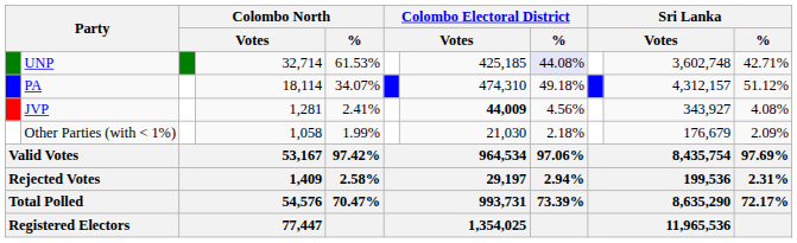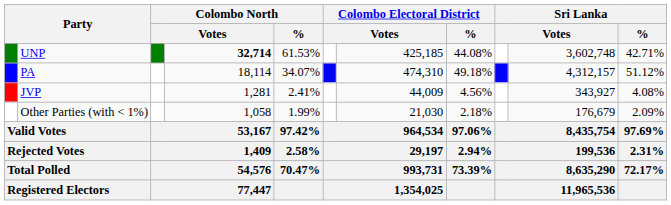 <table class="wikitable">
 <tr>
 <th colspan="2" width="144px"rowspan="2">Party</th>
 <th colspan="3" width="216px">Colombo North</th>
 <th colspan="3" width="216px"><a href='#'>Colombo Electoral District</a></th>
 <th colspan="3" width="216px">Sri Lanka</th>
 </tr>
 <tr>
 <th colspan="2" width="144px">Votes</th>
 <th>%</th>
 <th colspan="2" width="144px">Votes</th>
 <th>%</th>
 <th colspan="2" width="144px">Votes</th>
 <th>%</th>
 </tr>
 <tr>
 <td style="background-color:green;" width="10px"></td>
 <td style="text-align:left;"><a href='#'>UNP</a></td>
 <td style="background-color:green;" width="10px"></td>
-<td style="text-align:right;">32,714</td>
+<td style="text-align:right;"><strong>32,714</strong></td>
 <td style="text-align:right;">61.53%</td>
 <td style="background-color:white;" width="10px"></td>
 <td style="text-align:right;">425,185</td>
-<td style="background: lavender; text-align:right;">44.08%</td>
+<td style="text-align:right;">44.08%</td>
 <td style="background-color:white;" width="10px"></td>
 <td style="text-align:right;">3,602,748</td>
 <td style="text-align:right;">42.71%</td>
 </tr>
 <tr>
 <td style="background-color:blue;" width="10px"></td>
 <td style="text-align:left;"><a href='#'>PA</a></td>
 <td style="background-color:white;" width="10px"></td>
 <td style="text-align:right;">18,114</td>
 <td style="text-align:right;">34.07%</td>
 <td style="background-color:blue;" width="10px"></td>
 <td style="text-align:right;">474,310</td>
 <td style="text-align:right;">49.18%</td>
 <td style="background-color:blue;" width="10px"></td>
 <td style="text-align:right;">4,312,157</td>
 <td style="text-align:right;">51.12%</td>
 </tr>
 <tr>
 <td style="background-color:red;" width="10px"></td>
 <td style="text-align:left;"><a href='#'>JVP</a></td>
 <td style="background-color:white;" width="10px"></td>
 <td style="text-align:right;">1,281</td>
 <td style="text-align:right;">2.41%</td>
 <td style="background-color:white;" width="10px"></td>
-<td style="text-align:right;"><strong>44,009</strong></td>
+<td style="text-align:right;">44,009</td>
 <td style="text-align:right;">4.56%</td>
 <td style="background-color:white;" width="10px"></td>
 <td style="text-align:right;">343,927</td>
 <td style="text-align:right;">4.08%</td>
 </tr>
 <tr>
 <td style="background-color:white;" width="10px"></td>
 <td style="text-align:left;">Other Parties (with < 1%)</td>
 <td style="background-color:white;" width="10px"></td>
 <td style="text-align:right;">1,058</td>
 <td style="text-align:right;">1.99%</td>
 <td style="background-color:white;" width="10px"></td>
 <td style="text-align:right;">21,030</td>
 <td style="text-align:right;">2.18%</td>
 <td style="background-color:white;" width="10px"></td>
 <td style="text-align:right;">176,679</td>
 <td style="text-align:right;">2.09%</td>
 </tr>
 <tr>
 <th colspan="2" width="144px"style="text-align:left;">Valid Votes</th>
 <th style="text-align:right;"colspan="2" width="144px">53,167</th>
 <th style="text-align:right;">97.42%</th>
 <th style="text-align:right;"colspan="2" width="144px">964,534</th>
 <th style="text-align:right;">97.06%</th>
 <th style="text-align:right;"colspan="2" width="144px">8,435,754</th>
 <th style="text-align:right;">97.69%</th>
 </tr>
 <tr>
 <th colspan="2" width="144px"style="text-align:left;">Rejected Votes</th>
 <th style="text-align:right;"colspan="2" width="144px">1,409</th>
 <th style="text-align:right;">2.58%</th>
 <th style="text-align:right;"colspan="2" width="144px">29,197</th>
 <th style="text-align:right;">2.94%</th>
 <th style="text-align:right;"colspan="2" width="144px">199,536</th>
 <th style="text-align:right;">2.31%</th>
 </tr>
 <tr>
 <th colspan="2" width="144px"style="text-align:left;">Total Polled</th>
 <th style="text-align:right;"colspan="2" width="144px">54,576</th>
 <th style="text-align:right;">70.47%</th>
 <th style="text-align:right;"colspan="2" width="144px">993,731</th>
 <th style="text-align:right;">73.39%</th>
 <th style="text-align:right;"colspan="2" width="144px">8,635,290</th>
 <th style="text-align:right;">72.17%</th>
 </tr>
 <tr>
 <th colspan="2" width="144px"style="text-align:left;">Registered Electors</th>
 <th style="text-align:right;"colspan="2" width="144px">77,447</th>
 <th></th>
 <th style="text-align:right;"colspan="2" width="144px">1,354,025</th>
 <th></th>
 <th style="text-align:right;"colspan="2" width="144px">11,965,536</th>
 <th></th>
 </tr>
 </table>
